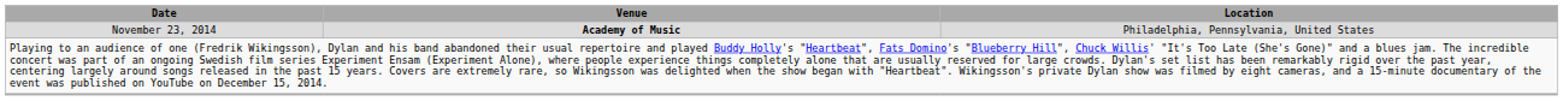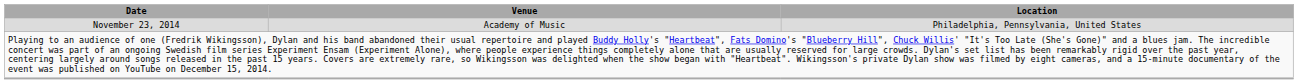 <table class="wikitable" style="width:100%; text-align:center;">
 <tr>
 <th style="width:100px; background:darkGrey;">Date</th>
 <th style="width:200px; background:darkGrey;">Venue</th>
 <th style="width:200px; background:darkGrey;">Location</th>
 </tr>
 <tr style="background:#DCDCDC;">
 <td>November 23, 2014</td>
-<td><strong>Academy of Music</strong></td>
+<td>Academy of Music</td>
 <td>Philadelphia, Pennsylvania, United States</td>
 </tr>
 <tr>
 <td colspan="5" style="border-bottom-width:3px; padding:5px; text-align:left;">Playing to an audience of one (Fredrik Wikingsson), Dylan and his band abandoned their usual repertoire and played <a href='#'>Buddy Holly</a>'s "<a href='#'>Heartbeat</a>", <a href='#'>Fats Domino</a>'s "<a href='#'>Blueberry Hill</a>", <a href='#'>Chuck Willis</a>' "It's Too Late (She's Gone)" and a blues jam. The incredible concert was part of an ongoing Swedish film series Experiment Ensam (Experiment Alone), where people experience things completely alone that are usually reserved for large crowds. Dylan's set list has been remarkably rigid over the past year, centering largely around songs released in the past 15 years. Covers are extremely rare, so Wikingsson was delighted when the show began with "Heartbeat". Wikingsson's private Dylan show was filmed by eight cameras, and a 15-minute documentary of the event was published on YouTube on December 15, 2014.</td>
 </tr>
 <tr>
 </tr>
 </table>
